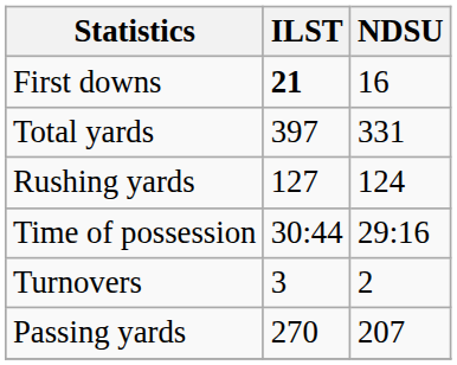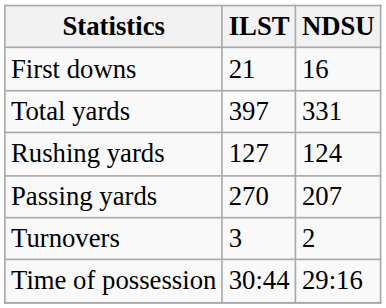 <table class="wikitable" style="float: left;">
 <tr>
 <th>Statistics</th>
 <th>ILST</th>
 <th>NDSU</th>
 </tr>
 <tr>
 <td>First downs</td>
-<td><strong>21</strong></td>
+<td>21</td>
 <td>16</td>
 </tr>
 <tr>
 <td>Total yards</td>
 <td>397</td>
 <td>331</td>
 </tr>
 <tr>
 <td>Rushing yards</td>
 <td>127</td>
 <td>124</td>
 </tr>
 <tr>
-<td>Time of possession</td>
-<td>30:44</td>
-<td>29:16</td>
+<td>Passing yards</td>
+<td>270</td>
+<td>207</td>
 </tr>
 <tr>
 <td>Turnovers</td>
 <td>3</td>
 <td>2</td>
 </tr>
 <tr>
-<td>Passing yards</td>
-<td>270</td>
-<td>207</td>
+<td>Time of possession</td>
+<td>30:44</td>
+<td>29:16</td>
 </tr>
 <tr>
 </tr>
 </table>
